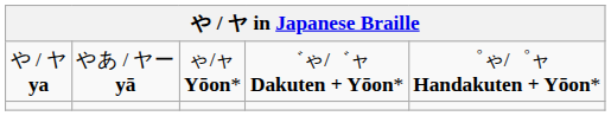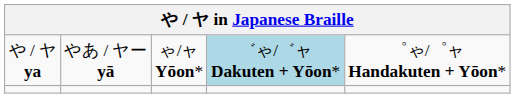 <table class="wikitable nowrap" style="text-align:center">
 <tr>
 <th colspan=5>や / ヤ in <a href='#'>Japanese Braille</a></th>
 </tr>
 <tr>
 <td>や / ヤ <br><strong>ya</strong></td>
 <td>やあ / ヤー <br><strong>yā</strong></td>
 <td>ゃ/ャ<br><strong>Yōon</strong>*</td>
-<td>゛ゃ/゛ャ<br><strong>Dakuten + Yōon</strong>*</td>
+<td style="background: lightblue;">゛ゃ/゛ャ<br><strong>Dakuten + Yōon</strong>*</td>
 <td>゜ゃ/゜ャ<br><strong>Handakuten + Yōon</strong>*</td>
 </tr>
 <tr>
 <td></td>
 <td></td>
 <td></td>
 <td></td>
 <td></td>
 </tr>
 </table>
